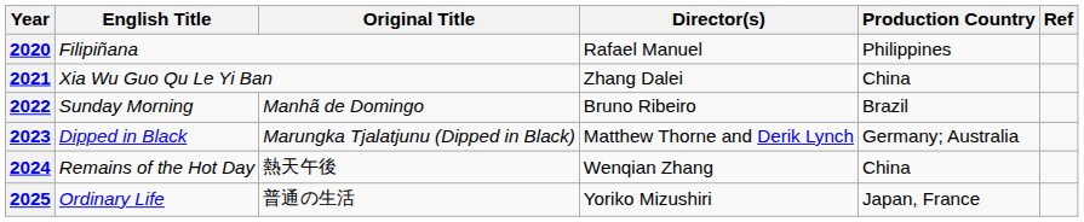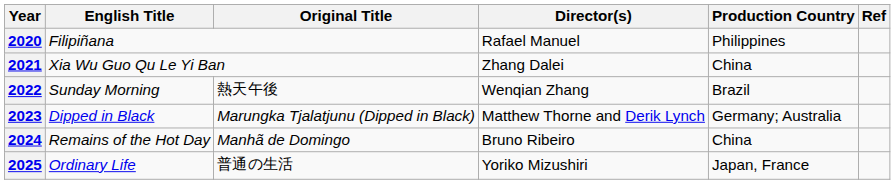 <table class="wikitable">
 <tr>
 <th>Year</th>
 <th>English Title</th>
 <th>Original Title</th>
 <th>Director(s)</th>
 <th>Production Country</th>
 <th>Ref</th>
 </tr>
 <tr>
 <th><a href='#'>2020</a></th>
 <td colspan="2"><em>Filipiñana</em></td>
 <td data-sort-value="Manuel">Rafael Manuel</td>
 <td>Philippines</td>
 <td></td>
 </tr>
 <tr>
 <th><a href='#'>2021</a></th>
 <td colspan="2"><em>Xia Wu Guo Qu Le Yi Ban</em></td>
 <td data-sort-value="Dalei">Zhang Dalei</td>
 <td>China</td>
 <td></td>
 </tr>
 <tr>
 <th><a href='#'>2022</a></th>
 <td><em>Sunday Morning</em></td>
-<td><em>Manhã de Domingo</em></td>
-<td data-sort-value="Ribeiro">Bruno Ribeiro</td>
+<td>熱天午後</td>
+<td data-sort-value="Zhang">Wenqian Zhang</td>
 <td>Brazil</td>
 <td></td>
 </tr>
 <tr>
 <th><a href='#'>2023</a></th>
 <td><em><a href='#'>Dipped in Black</a></em></td>
 <td><em>Marungka Tjalatjunu (Dipped in Black)</em></td>
 <td data-sort-value="Thorne">Matthew Thorne and <a href='#'>Derik Lynch</a></td>
 <td>Germany; Australia</td>
 <td></td>
 </tr>
 <tr>
 <th><a href='#'>2024</a></th>
 <td><em>Remains of the Hot Day</em></td>
-<td>熱天午後</td>
-<td data-sort-value="Zhang">Wenqian Zhang</td>
+<td><em>Manhã de Domingo</em></td>
+<td data-sort-value="Ribeiro">Bruno Ribeiro</td>
 <td>China</td>
 <td></td>
 </tr>
 <tr>
 <th><a href='#'>2025</a></th>
 <td><em><a href='#'>Ordinary Life</a></em></td>
 <td>普通の生活</td>
 <td data-sort-value="Mizushiri">Yoriko Mizushiri</td>
 <td>Japan, France</td>
 <td></td>
 </tr>
 </table>
